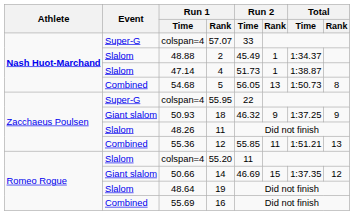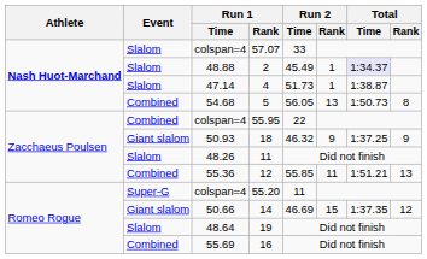 <table class="wikitable" style="font-size:90%">
 <tr>
 <th rowspan=2>Athlete</th>
 <th rowspan=2>Event</th>
 <th colspan=2>Run 1</th>
 <th colspan=2>Run 2</th>
 <th colspan=2>Total</th>
 </tr>
 <tr style="font-size:95%">
 <th>Time</th>
 <th>Rank</th>
 <th>Time</th>
 <th>Rank</th>
 <th>Time</th>
 <th>Rank</th>
 </tr>
 <tr align=center>
 <td align="left" rowspan="4"><strong><a href='#'>Nash Huot-Marchand</a></strong></td>
-<td align="left"><a href='#'>Super-G</a></td>
+<td align="left"><a href='#'>Slalom</a></td>
 <td>colspan=4</td>
 <td>57.07</td>
 <td>33</td>
 </tr>
 <tr align=center>
 <td align="left"><a href='#'>Slalom</a></td>
 <td>48.88</td>
 <td>2</td>
 <td>45.49</td>
 <td>1</td>
-<td>1:34.37</td>
+<td style="background: lavender;">1:34.37</td>
 <td></td>
 </tr>
 <tr align=center>
 <td align="left"><a href='#'>Slalom</a></td>
 <td>47.14</td>
 <td>4</td>
 <td>51.73</td>
 <td>1</td>
 <td>1:38.87</td>
 <td></td>
 </tr>
 <tr align=center>
 <td align="left"><a href='#'>Combined</a></td>
 <td>54.68</td>
 <td>5</td>
 <td>56.05</td>
 <td>13</td>
 <td>1:50.73</td>
 <td>8</td>
 </tr>
 <tr align=center>
 <td align="left" rowspan="4"><a href='#'>Zacchaeus Poulsen</a></td>
-<td align="left"><a href='#'>Super-G</a></td>
+<td align="left"><a href='#'>Combined</a></td>
 <td>colspan=4</td>
 <td>55.95</td>
 <td>22</td>
 </tr>
 <tr align=center>
 <td align="left"><a href='#'>Giant slalom</a></td>
 <td>50.93</td>
 <td>18</td>
 <td>46.32</td>
 <td>9</td>
 <td>1:37.25</td>
 <td>9</td>
 </tr>
 <tr align=center>
 <td align="left"><a href='#'>Slalom</a></td>
 <td>48.26</td>
 <td>11</td>
 <td colspan=6>Did not finish</td>
 </tr>
 <tr align=center>
 <td align="left"><a href='#'>Combined</a></td>
 <td>55.36</td>
 <td>12</td>
 <td>55.85</td>
 <td>11</td>
 <td>1:51.21</td>
 <td>13</td>
 </tr>
 <tr align=center>
 <td align="left" rowspan="4"><a href='#'>Romeo Rogue</a></td>
-<td align="left"><a href='#'>Slalom</a></td>
+<td align="left"><a href='#'>Super-G</a></td>
 <td>colspan=4</td>
 <td>55.20</td>
 <td>11</td>
 </tr>
 <tr align=center>
 <td align="left"><a href='#'>Giant slalom</a></td>
 <td>50.66</td>
 <td>14</td>
 <td>46.69</td>
 <td>15</td>
 <td>1:37.35</td>
 <td>12</td>
 </tr>
 <tr align=center>
 <td align="left"><a href='#'>Slalom</a></td>
 <td>48.64</td>
 <td>19</td>
 <td colspan=4>Did not finish</td>
 </tr>
 <tr align=center>
 <td align="left"><a href='#'>Combined</a></td>
 <td>55.69</td>
 <td>16</td>
 <td colspan=4>Did not finish</td>
 </tr>
 </table>
